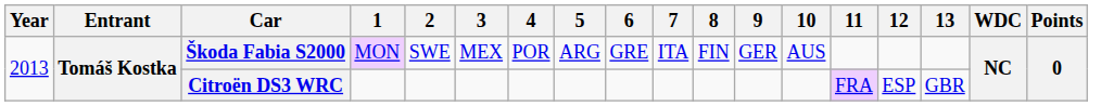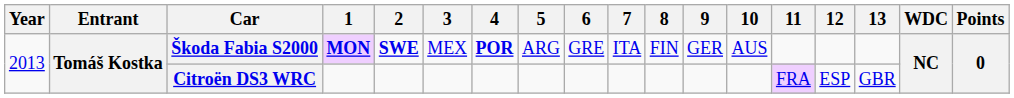 <table class="wikitable" style="text-align:center; font-size:85%">
 <tr>
 <th>Year</th>
 <th>Entrant</th>
 <th>Car</th>
 <th>1</th>
 <th>2</th>
 <th>3</th>
 <th>4</th>
 <th>5</th>
 <th>6</th>
 <th>7</th>
 <th>8</th>
 <th>9</th>
 <th>10</th>
 <th>11</th>
 <th>12</th>
 <th>13</th>
 <th>WDC</th>
 <th>Points</th>
 </tr>
 <tr>
 <td rowspan=2><a href='#'>2013</a></td>
 <th rowspan=2 nowrap>Tomáš Kostka</th>
 <th nowrap><a href='#'>Škoda Fabia S2000</a></th>
-<td style="background:#EFCFFF;"><a href='#'>MON</a><br></td>
-<td><a href='#'>SWE</a></td>
+<td style="background:#EFCFFF;"><strong><a href='#'>MON</a><br></strong></td>
+<td><strong><a href='#'>SWE</a></strong></td>
 <td><a href='#'>MEX</a></td>
-<td><a href='#'>POR</a></td>
+<td><strong><a href='#'>POR</a></strong></td>
 <td><a href='#'>ARG</a></td>
 <td><a href='#'>GRE</a></td>
 <td><a href='#'>ITA</a></td>
 <td><a href='#'>FIN</a></td>
 <td><a href='#'>GER</a></td>
 <td><a href='#'>AUS</a></td>
 <td></td>
 <td></td>
 <td></td>
 <th rowspan=2>NC</th>
 <th rowspan=2>0</th>
 </tr>
 <tr>
 <th nowrap><a href='#'>Citroën DS3 WRC</a></th>
 <td></td>
 <td></td>
 <td></td>
 <td></td>
 <td></td>
 <td></td>
 <td></td>
 <td></td>
 <td></td>
 <td></td>
 <td style="background:#EFCFFF;"><a href='#'>FRA</a><br></td>
 <td><a href='#'>ESP</a></td>
 <td><a href='#'>GBR</a></td>
 </tr>
 </table>
